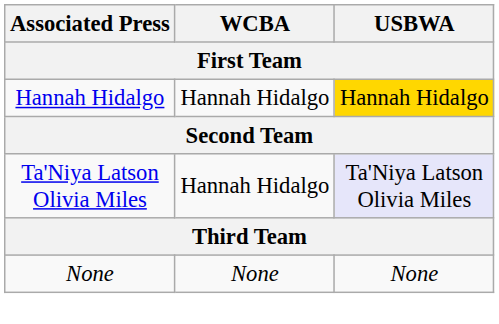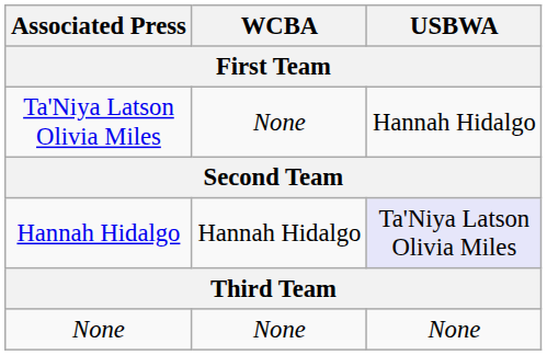 <table class="wikitable" style="font-size: 95%; text-align:center;">
 <tr>
 <th>Associated Press</th>
 <th>WCBA</th>
 <th>USBWA</th>
 </tr>
 <tr>
 <th colspan=4>First Team</th>
 </tr>
 <tr>
-<td><a href='#'>Hannah Hidalgo</a></td>
+<td><a href='#'>Ta'Niya Latson</a><br><a href='#'>Olivia Miles</a></td>
+<td><em>None</em></td>
 <td>Hannah Hidalgo</td>
-<td style="background: gold;">Hannah Hidalgo</td>
 </tr>
 <tr>
 <th colspan=4>Second Team</th>
 </tr>
 <tr>
-<td><a href='#'>Ta'Niya Latson</a><br><a href='#'>Olivia Miles</a></td>
+<td><a href='#'>Hannah Hidalgo</a></td>
 <td>Hannah Hidalgo</td>
 <td style="background: lavender;">Ta'Niya Latson<br>Olivia Miles</td>
 </tr>
 <tr>
 <th colspan=4>Third Team</th>
 </tr>
 <tr>
 <td><em>None</em></td>
 <td><em>None</em></td>
 <td><em>None</em></td>
 </tr>
 </table>
